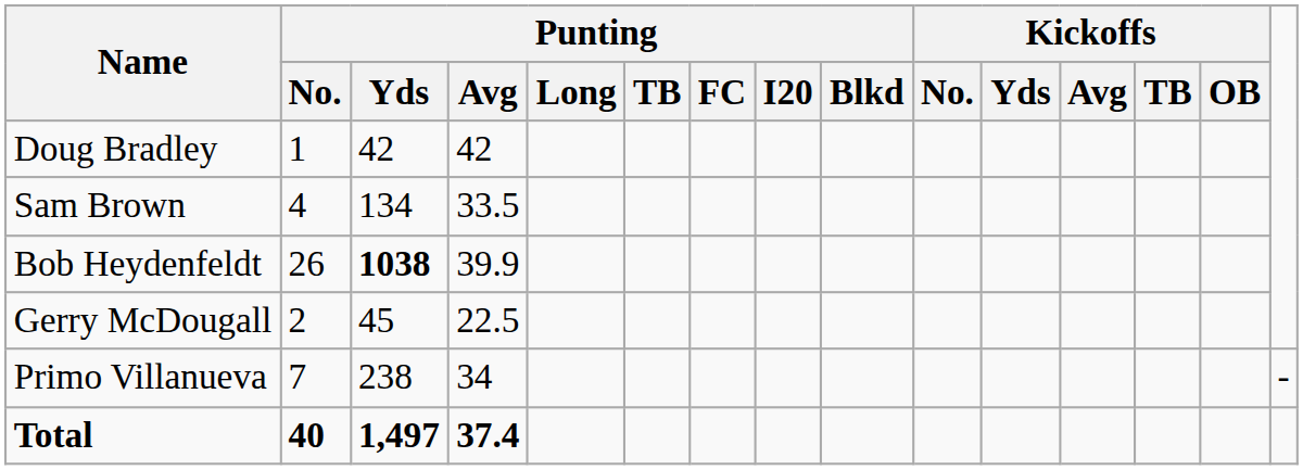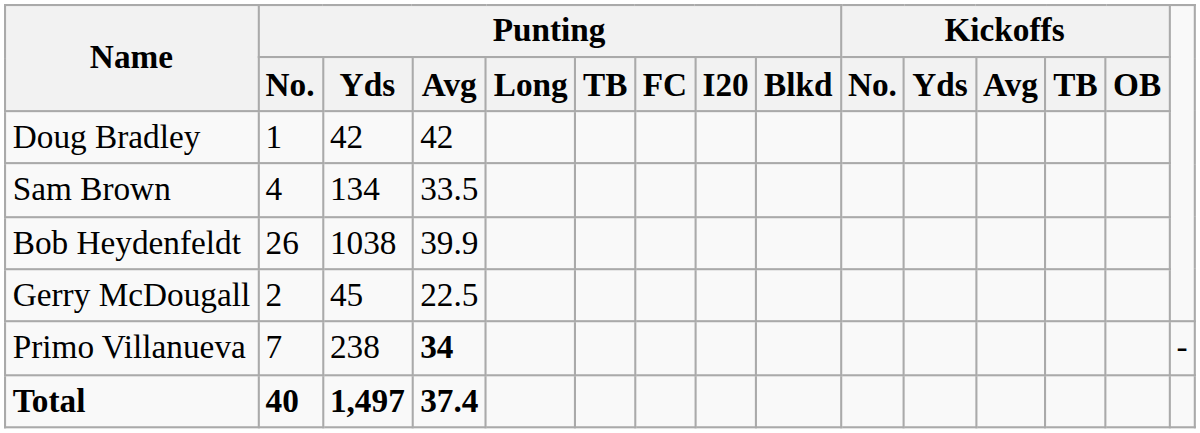 <table class="wikitable collapsible collapsed  sortable" style="white-space:nowrap;">
 <tr>
 <th rowspan="2">Name</th>
 <th colspan="8">Punting</th>
 <th colspan="5">Kickoffs</th>
 </tr>
 <tr>
 <th>No.</th>
 <th>Yds</th>
 <th>Avg</th>
 <th>Long</th>
 <th>TB</th>
 <th>FC</th>
 <th>I20</th>
 <th>Blkd</th>
 <th>No.</th>
 <th>Yds</th>
 <th>Avg</th>
 <th>TB</th>
 <th>OB</th>
 </tr>
 <tr>
 <td>Doug Bradley</td>
 <td>1</td>
 <td>42</td>
 <td>42</td>
 <td></td>
 <td></td>
 <td></td>
 <td></td>
 <td></td>
 <td></td>
 <td></td>
 <td></td>
 <td></td>
 <td></td>
 </tr>
 <tr>
 <td>Sam Brown</td>
 <td>4</td>
 <td>134</td>
 <td>33.5</td>
 <td></td>
 <td></td>
 <td></td>
 <td></td>
 <td></td>
 <td></td>
 <td></td>
 <td></td>
 <td></td>
 <td></td>
 </tr>
 <tr>
 <td>Bob Heydenfeldt</td>
 <td>26</td>
-<td><strong>1038</strong></td>
+<td>1038</td>
 <td>39.9</td>
 <td></td>
 <td></td>
 <td></td>
 <td></td>
 <td></td>
 <td></td>
 <td></td>
 <td></td>
 <td></td>
 <td></td>
 </tr>
 <tr>
 <td>Gerry McDougall</td>
 <td>2</td>
 <td>45</td>
 <td>22.5</td>
 <td></td>
 <td></td>
 <td></td>
 <td></td>
 <td></td>
 <td></td>
 <td></td>
 <td></td>
 <td></td>
 <td></td>
 </tr>
 <tr>
 <td>Primo Villanueva</td>
 <td>7</td>
 <td>238</td>
-<td>34</td>
+<td><strong>34</strong></td>
 <td></td>
 <td></td>
 <td></td>
 <td></td>
 <td></td>
 <td></td>
 <td></td>
 <td></td>
 <td></td>
 <td></td>
 <td>-</td>
 </tr>
 <tr class="sortbottom" style="font-weight:bold;">
 <td>Total</td>
 <td>40</td>
 <td>1,497</td>
 <td>37.4</td>
 <td></td>
 <td></td>
 <td></td>
 <td></td>
 <td></td>
 <td></td>
 <td></td>
 <td></td>
 <td></td>
 <td></td>
 </tr>
 </table>
